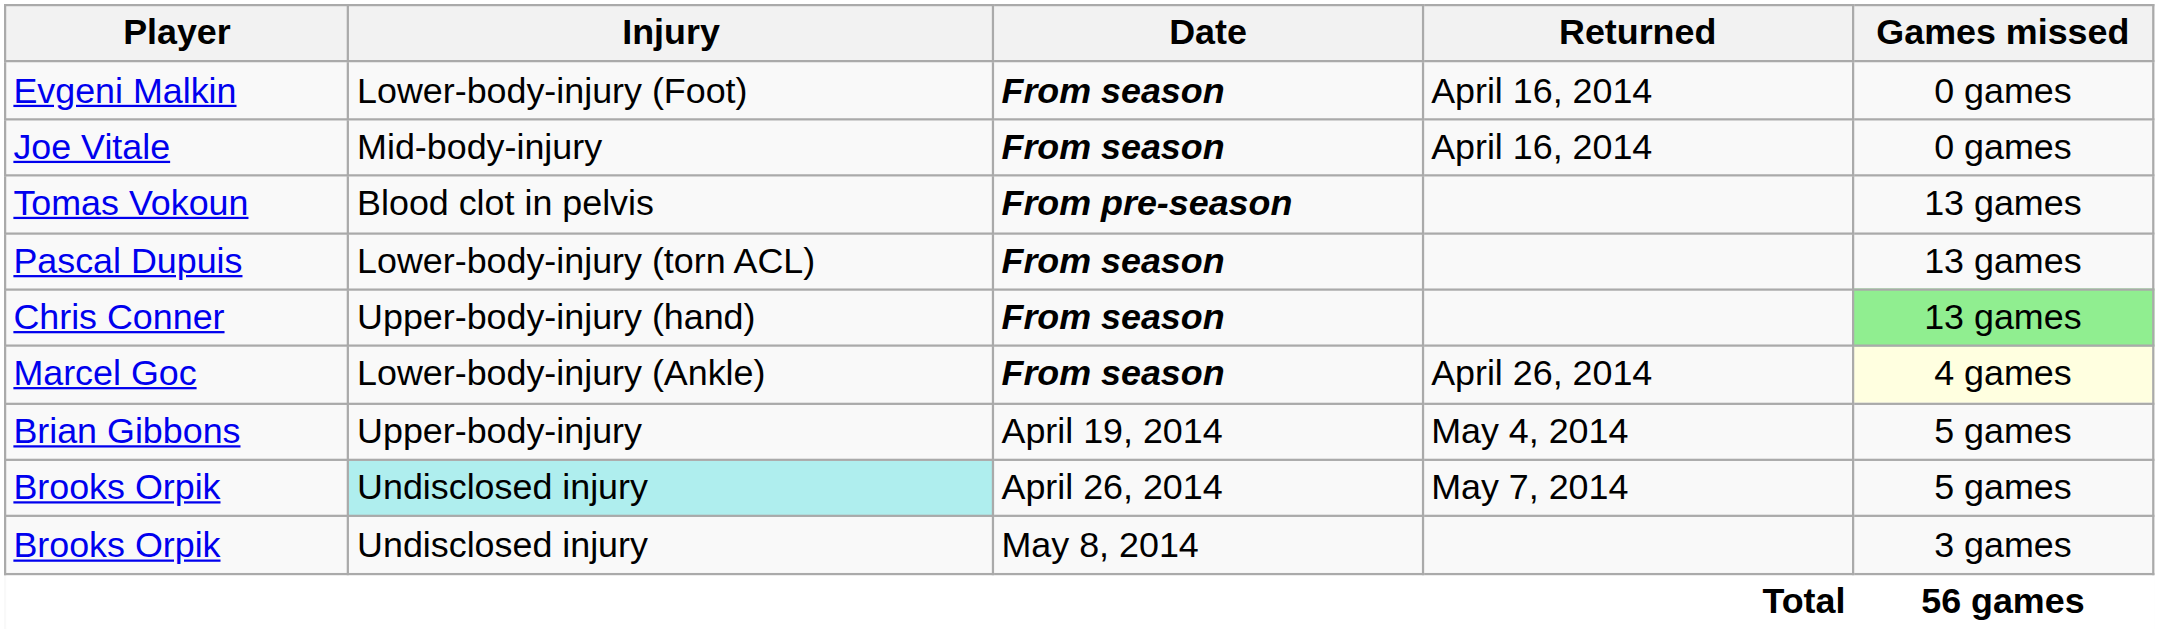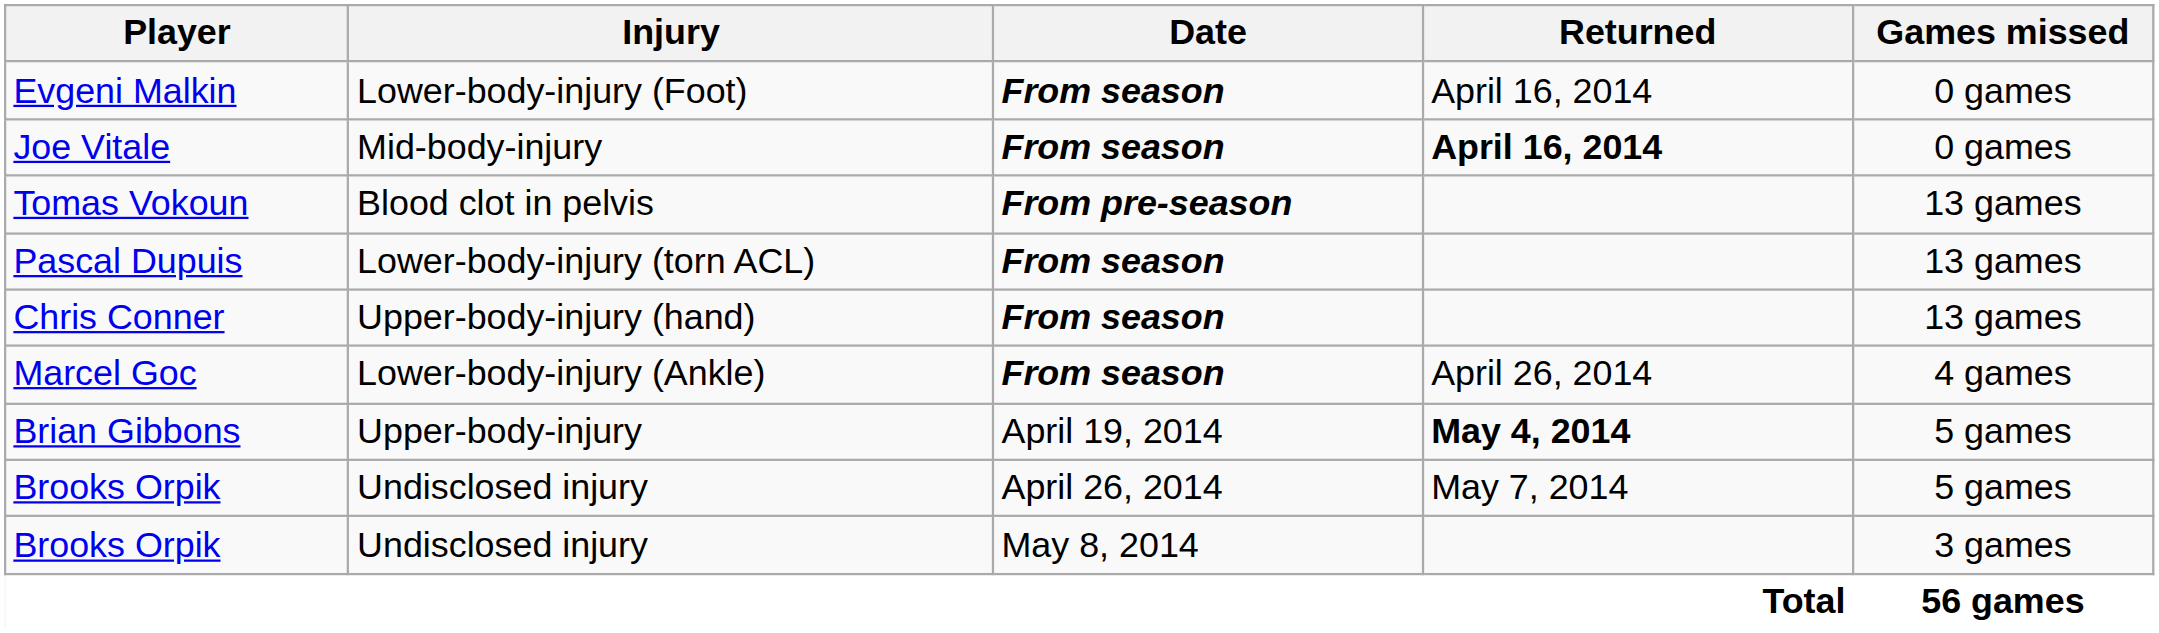 <table class="wikitable" style="width:60em; border:0;">
 <tr>
 <th width=16%>Player</th>
 <th width=30% class=unsortable>Injury</th>
 <th width=20% class=unsortable>Date</th>
 <th width=20% class=unsortable>Returned</th>
 <th width=14% class=unsortable>Games missed</th>
 </tr>
 <tr>
 <td><a href='#'>Evgeni Malkin</a></td>
 <td>Lower-body-injury (Foot)</td>
 <td><strong><em>From season</em></strong></td>
 <td>April 16, 2014</td>
 <td align=center>0 games</td>
 </tr>
 <tr>
 <td><a href='#'>Joe Vitale</a></td>
 <td>Mid-body-injury</td>
 <td><strong><em>From season</em></strong></td>
-<td>April 16, 2014</td>
+<td><strong>April 16, 2014</strong></td>
 <td align=center>0 games</td>
 </tr>
 <tr>
 <td><a href='#'>Tomas Vokoun</a></td>
 <td>Blood clot in pelvis</td>
 <td><strong><em>From pre-season</em></strong></td>
 <td></td>
 <td align=center>13 games</td>
 </tr>
 <tr>
 <td><a href='#'>Pascal Dupuis</a></td>
 <td>Lower-body-injury (torn ACL)</td>
 <td><strong><em>From season</em></strong></td>
 <td></td>
 <td align=center>13 games</td>
 </tr>
 <tr>
 <td><a href='#'>Chris Conner</a></td>
 <td>Upper-body-injury (hand)</td>
 <td><strong><em>From season</em></strong></td>
 <td></td>
-<td align=center style="background: lightgreen;">13 games</td>
+<td align=center>13 games</td>
 </tr>
 <tr>
 <td><a href='#'>Marcel Goc</a></td>
 <td>Lower-body-injury (Ankle)</td>
 <td><strong><em>From season</em></strong></td>
 <td>April 26, 2014</td>
-<td align=center style="background: lightyellow;">4 games</td>
+<td align=center>4 games</td>
 </tr>
 <tr>
 <td><a href='#'>Brian Gibbons</a></td>
 <td>Upper-body-injury</td>
 <td>April 19, 2014</td>
-<td>May 4, 2014</td>
+<td><strong>May 4, 2014</strong></td>
 <td align=center>5 games</td>
 </tr>
 <tr>
 <td><a href='#'>Brooks Orpik</a></td>
-<td style="background: paleturquoise;">Undisclosed injury</td>
+<td>Undisclosed injury</td>
 <td>April 26, 2014</td>
 <td>May 7, 2014</td>
 <td align=center>5 games</td>
 </tr>
 <tr>
 <td><a href='#'>Brooks Orpik</a></td>
 <td>Undisclosed injury</td>
 <td>May 8, 2014</td>
 <td></td>
 <td align=center>3 games</td>
 </tr>
 <tr style="background:#FFF; font-weight:bold;" class=sortbottom>
 <td colspan=4 style="text-align:right; border:0;">Total</td>
 <td style="text-align:center; border:0;">56 games</td>
 </tr>
 </table>
